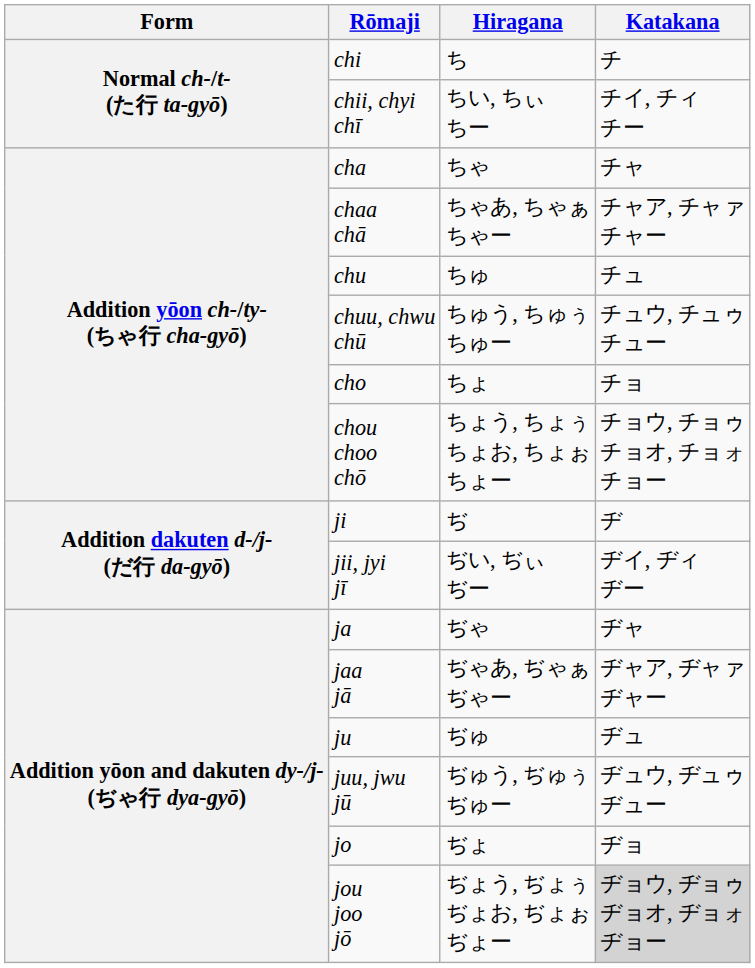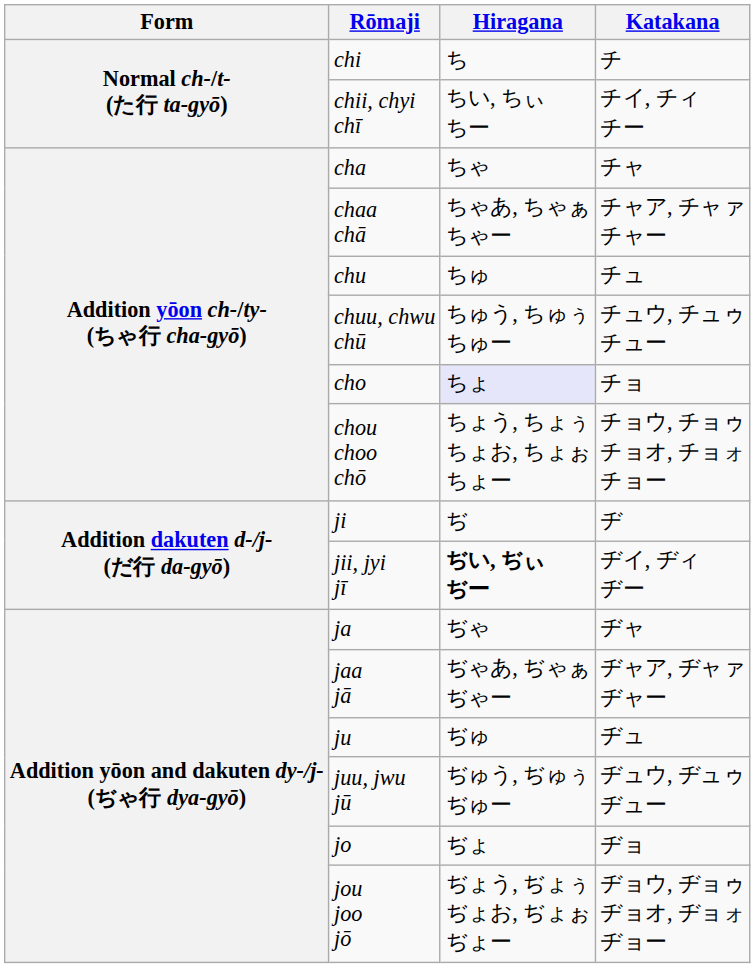 <table class="wikitable">
 <tr>
 <th>Form</th>
 <th><a href='#'>Rōmaji</a></th>
 <th><a href='#'>Hiragana</a></th>
 <th><a href='#'>Katakana</a></th>
 </tr>
 <tr>
 <th rowspan="2">Normal <em>ch-</em>/<em>t-</em><br>(た行 <em>ta-gyō</em>)</th>
 <td><em>chi</em></td>
 <td>ち</td>
 <td>チ</td>
 </tr>
 <tr>
 <td><em>chii, chyi</em><br><em>chī</em></td>
 <td>ちい, ちぃ<br>ちー</td>
 <td>チイ, チィ<br>チー</td>
 </tr>
 <tr>
 <th rowspan="6">Addition <a href='#'>yōon</a> <em>ch-</em>/<em>ty-</em><br>(ちゃ行 <em>cha-gyō</em>)</th>
 <td><em>cha</em></td>
 <td>ちゃ</td>
 <td>チャ</td>
 </tr>
 <tr>
 <td><em>chaa</em><br><em>chā</em></td>
 <td>ちゃあ, ちゃぁ<br>ちゃー</td>
 <td>チャア, チャァ<br>チャー</td>
 </tr>
 <tr>
 <td><em>chu</em></td>
 <td>ちゅ</td>
 <td>チュ</td>
 </tr>
 <tr>
 <td><em>chuu, chwu</em><br><em>chū</em></td>
 <td>ちゅう, ちゅぅ<br>ちゅー</td>
 <td>チュウ, チュゥ<br>チュー</td>
 </tr>
 <tr>
 <td><em>cho</em></td>
-<td>ちょ</td>
+<td style="background: lavender;">ちょ</td>
 <td>チョ</td>
 </tr>
 <tr>
 <td><em>chou</em><br><em>choo</em><br><em>chō</em></td>
 <td>ちょう, ちょぅ<br>ちょお, ちょぉ<br>ちょー</td>
 <td>チョウ, チョゥ<br>チョオ, チョォ<br>チョー</td>
 </tr>
 <tr>
 <th rowspan="2">Addition <a href='#'>dakuten</a> <em>d-/j-</em><br>(だ行 <em>da-gyō</em>)</th>
 <td><em>ji</em></td>
 <td>ぢ</td>
 <td>ヂ</td>
 </tr>
 <tr>
 <td><em>jii, jyi</em><br><em>jī</em></td>
-<td>ぢい, ぢぃ<br>ぢー</td>
+<td><strong>ぢい, ぢぃ<br>ぢー</strong></td>
 <td>ヂイ, ヂィ<br>ヂー</td>
 </tr>
 <tr>
 <th rowspan="6">Addition yōon and dakuten <em>dy-/j-</em><br>(ぢゃ行 <em>dya-gyō</em>)</th>
 <td><em>ja</em></td>
 <td>ぢゃ</td>
 <td>ヂャ</td>
 </tr>
 <tr>
 <td><em>jaa</em><br><em>jā</em></td>
 <td>ぢゃあ, ぢゃぁ<br>ぢゃー</td>
 <td>ヂャア, ヂャァ<br>ヂャー</td>
 </tr>
 <tr>
 <td><em>ju</em></td>
 <td>ぢゅ</td>
 <td>ヂュ</td>
 </tr>
 <tr>
 <td><em>juu, jwu</em><br><em>jū</em></td>
 <td>ぢゅう, ぢゅぅ<br>ぢゅー</td>
 <td>ヂュウ, ヂュゥ<br>ヂュー</td>
 </tr>
 <tr>
 <td><em>jo</em></td>
 <td>ぢょ</td>
 <td>ヂョ</td>
 </tr>
 <tr>
 <td><em>jou</em><br><em>joo</em><br><em>jō</em></td>
 <td>ぢょう, ぢょぅ<br>ぢょお, ぢょぉ<br>ぢょー</td>
-<td style="background: lightgrey;">ヂョウ, ヂョゥ<br>ヂョオ, ヂョォ<br>ヂョー</td>
+<td>ヂョウ, ヂョゥ<br>ヂョオ, ヂョォ<br>ヂョー</td>
 </tr>
 </table>
